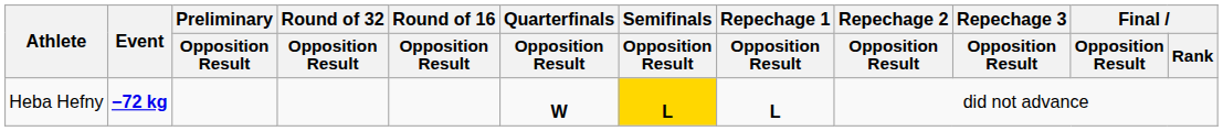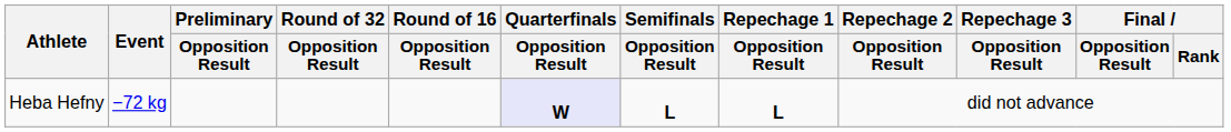 <table class="wikitable" style="font-size:90%">
 <tr>
 <th rowspan="2">Athlete</th>
 <th rowspan="2">Event</th>
 <th>Preliminary</th>
 <th>Round of 32</th>
 <th>Round of 16</th>
 <th>Quarterfinals</th>
 <th>Semifinals</th>
 <th>Repechage 1</th>
 <th>Repechage 2</th>
 <th>Repechage 3</th>
 <th colspan=2>Final / </th>
 </tr>
 <tr style="font-size:95%">
 <th>Opposition<br>Result</th>
 <th>Opposition<br>Result</th>
 <th>Opposition<br>Result</th>
 <th>Opposition<br>Result</th>
 <th>Opposition<br>Result</th>
 <th>Opposition<br>Result</th>
 <th>Opposition<br>Result</th>
 <th>Opposition<br>Result</th>
 <th>Opposition<br>Result</th>
 <th>Rank</th>
 </tr>
 <tr align=center>
 <td align=left>Heba Hefny</td>
-<td align=left><strong><a href='#'>−72 kg</a></strong></td>
+<td align=left><a href='#'>−72 kg</a></td>
 <td></td>
 <td></td>
 <td></td>
-<td><br><strong>W</strong></td>
-<td style="background: gold;"><br><strong>L</strong></td>
+<td style="background: lavender;"><br><strong>W</strong></td>
+<td><br><strong>L</strong></td>
 <td><br><strong>L</strong></td>
 <td colspan=5>did not advance</td>
 </tr>
 </table>
